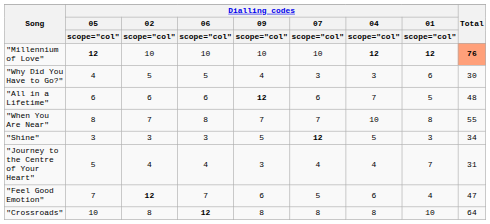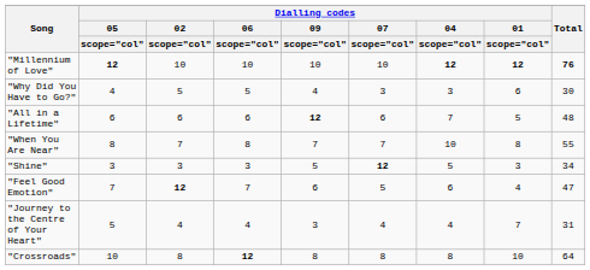 <table class="wikitable plainrowheaders" style="margin: 1em auto 1em auto; text-align:center;">
 <tr>
 </tr>
 <tr>
 <th scope="col" rowspan="3">Song</th>
 <th scope="col" colspan="7"><a href='#'>Dialling codes</a></th>
 <th scope="col" rowspan="3">Total</th>
 </tr>
 <tr>
 <th>05</th>
 <th>02</th>
 <th>06</th>
 <th>09</th>
 <th>07</th>
 <th>04</th>
 <th>01</th>
 </tr>
 <tr>
 <th>scope="col" </th>
 <th>scope="col" </th>
 <th>scope="col" </th>
 <th>scope="col" </th>
 <th>scope="col" </th>
 <th>scope="col" </th>
 <th>scope="col" </th>
 </tr>
 <tr>
 <td align="left">"Millennium of Love"</td>
 <td><strong>12</strong></td>
 <td>10</td>
 <td>10</td>
 <td>10</td>
 <td>10</td>
 <td><strong>12</strong></td>
 <td><strong>12</strong></td>
-<td style="background: lightsalmon;"><strong>76</strong></td>
+<td><strong>76</strong></td>
 </tr>
 <tr>
 <td align="left">"Why Did You Have to Go?"</td>
 <td>4</td>
 <td>5</td>
 <td>5</td>
 <td>4</td>
 <td>3</td>
 <td>3</td>
 <td>6</td>
 <td>30</td>
 </tr>
 <tr>
 <td align="left">"All in a Lifetime"</td>
 <td>6</td>
 <td>6</td>
 <td>6</td>
 <td><strong>12</strong></td>
 <td>6</td>
 <td>7</td>
 <td>5</td>
 <td>48</td>
 </tr>
 <tr>
 <td align="left">"When You Are Near"</td>
 <td>8</td>
 <td>7</td>
 <td>8</td>
 <td>7</td>
 <td>7</td>
 <td>10</td>
 <td>8</td>
 <td>55</td>
 </tr>
 <tr>
 <td align="left">"Shine"</td>
 <td>3</td>
 <td>3</td>
 <td>3</td>
 <td>5</td>
 <td><strong>12</strong></td>
 <td>5</td>
 <td>3</td>
 <td>34</td>
 </tr>
 <tr>
+<td align="left">"Feel Good Emotion"</td>
+<td>7</td>
+<td><strong>12</strong></td>
+<td>7</td>
+<td>6</td>
+<td>5</td>
+<td>6</td>
+<td>4</td>
+<td>47</td>
+</tr>
+<tr>
 <td align="left">"Journey to the Centre of Your Heart"</td>
 <td>5</td>
 <td>4</td>
 <td>4</td>
 <td>3</td>
 <td>4</td>
 <td>4</td>
 <td>7</td>
 <td>31</td>
-</tr>
-<tr>
-<td align="left">"Feel Good Emotion"</td>
-<td>7</td>
-<td><strong>12</strong></td>
-<td>7</td>
-<td>6</td>
-<td>5</td>
-<td>6</td>
-<td>4</td>
-<td>47</td>
 </tr>
 <tr>
 <td align="left">"Crossroads"</td>
 <td>10</td>
 <td>8</td>
 <td><strong>12</strong></td>
 <td>8</td>
 <td>8</td>
 <td>8</td>
 <td>10</td>
 <td>64</td>
 </tr>
 </table>
